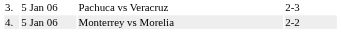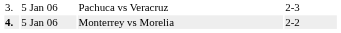 <table>
 <tr>
 <td width="20">3.</td>
 <td width="80">5 Jan 06</td>
 <td width="300">Pachuca vs Veracruz</td>
 <td width="75">2-3</td>
 </tr>
 <tr bgcolor=#eeeeee>
-<td>4.</td>
+<td><strong>4.</strong></td>
 <td>5 Jan 06</td>
 <td>Monterrey vs Morelia</td>
 <td width="75">2-2</td>
 </tr>
 </table>
